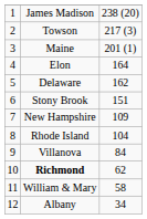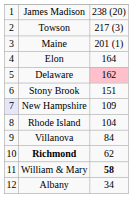 <table class="wikitable">
 <tr align="center">
 </tr>
 <tr align="center">
 <td>1</td>
 <td>James Madison</td>
 <td>238 (20)</td>
 </tr>
 <tr align="center">
 <td>2</td>
 <td>Towson</td>
 <td>217 (3)</td>
 </tr>
 <tr align="center">
 <td>3</td>
 <td>Maine</td>
 <td>201 (1)</td>
 </tr>
 <tr align="center">
 <td>4</td>
 <td>Elon</td>
 <td>164</td>
 </tr>
 <tr align="center">
 <td>5</td>
 <td>Delaware</td>
-<td>162</td>
+<td style="background: pink;">162</td>
 </tr>
 <tr align="center">
 <td>6</td>
 <td>Stony Brook</td>
 <td>151</td>
 </tr>
 <tr align="center">
-<td>7</td>
+<td style="background: lavender;">7</td>
 <td>New Hampshire</td>
 <td>109</td>
 </tr>
 <tr align="center">
 <td>8</td>
 <td>Rhode Island</td>
 <td>104</td>
 </tr>
 <tr align="center">
 <td>9</td>
 <td>Villanova</td>
 <td>84</td>
 </tr>
 <tr align="center">
 <td>10</td>
 <td><strong>Richmond</strong></td>
 <td>62</td>
 </tr>
 <tr align="center">
 <td>11</td>
 <td>William & Mary</td>
-<td>58</td>
+<td><strong>58</strong></td>
 </tr>
 <tr align="center">
 <td>12</td>
 <td>Albany</td>
 <td>34</td>
 </tr>
 </table>
